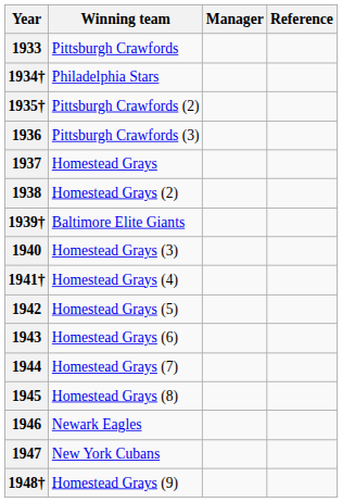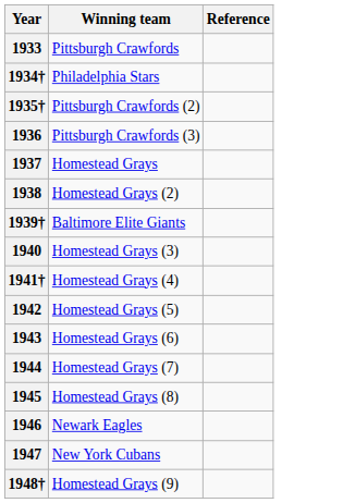 <table class="wikitable sortable plainrowheaders" style="font-size:1.00em; line-height:1.5em;">
 <tr>
 <th scope="col">Year</th>
 <th scope="col">Winning team</th>
-<th scope="col">Manager</th>
 <th scope="col">Reference</th>
 </tr>
 <tr>
 <th scope="row" style="text-align:center">1933</th>
 <td align="left"><a href='#'>Pittsburgh Crawfords</a></td>
-<td align="left"></td>
 <td></td>
 </tr>
 <tr>
 <th scope="row" style="text-align:center">1934†</th>
 <td align="left"><a href='#'>Philadelphia Stars</a></td>
-<td align="left"></td>
 <td></td>
 </tr>
 <tr>
 <th scope="row" style="text-align:center">1935†</th>
 <td align="left"><a href='#'>Pittsburgh Crawfords</a> (2)</td>
-<td align="left"></td>
 <td></td>
 </tr>
 <tr>
 <th scope="row" style="text-align:center">1936</th>
 <td align="left"><a href='#'>Pittsburgh Crawfords</a> (3)</td>
-<td align="left"></td>
 <td></td>
 </tr>
 <tr>
 <th scope="row" style="text-align:center">1937</th>
 <td align="left"><a href='#'>Homestead Grays</a></td>
-<td align="left"></td>
 <td></td>
 </tr>
 <tr>
 <th scope="row" style="text-align:center">1938</th>
 <td align="left"><a href='#'>Homestead Grays</a> (2)</td>
-<td align="left"></td>
 <td></td>
 </tr>
 <tr>
 <th scope="row" style="text-align:center">1939†</th>
 <td align="left"><a href='#'>Baltimore Elite Giants</a></td>
-<td align="left"></td>
 <td></td>
 </tr>
 <tr>
 <th scope="row" style="text-align:center">1940</th>
 <td align="left"><a href='#'>Homestead Grays</a> (3)</td>
-<td align="left"></td>
 <td></td>
 </tr>
 <tr>
 <th scope="row" style="text-align:center">1941†</th>
 <td align="left"><a href='#'>Homestead Grays</a> (4)</td>
-<td align="left"></td>
 <td></td>
 </tr>
 <tr>
 <th scope="row" style="text-align:center">1942</th>
 <td align="left"><a href='#'>Homestead Grays</a> (5)</td>
-<td align="left"></td>
 <td></td>
 </tr>
 <tr>
 <th scope="row" style="text-align:center">1943</th>
 <td align="left"><a href='#'>Homestead Grays</a> (6)</td>
-<td align="left"></td>
 <td></td>
 </tr>
 <tr>
 <th scope="row" style="text-align:center">1944</th>
 <td align="left"><a href='#'>Homestead Grays</a> (7)</td>
-<td align="left"></td>
 <td></td>
 </tr>
 <tr>
 <th scope="row" style="text-align:center">1945</th>
 <td align="left"><a href='#'>Homestead Grays</a> (8)</td>
-<td align="left"></td>
 <td></td>
 </tr>
 <tr>
 <th scope="row" style="text-align:center">1946</th>
 <td align="left"><a href='#'>Newark Eagles</a></td>
-<td align="left"></td>
 <td></td>
 </tr>
 <tr>
 <th scope="row" style="text-align:center">1947</th>
 <td align="left"><a href='#'>New York Cubans</a></td>
-<td align="left"></td>
 <td></td>
 </tr>
 <tr>
 <th scope="row" style="text-align:center">1948†</th>
 <td align="left"><a href='#'>Homestead Grays</a> (9)</td>
-<td align="left"></td>
 <td></td>
 </tr>
 </table>
